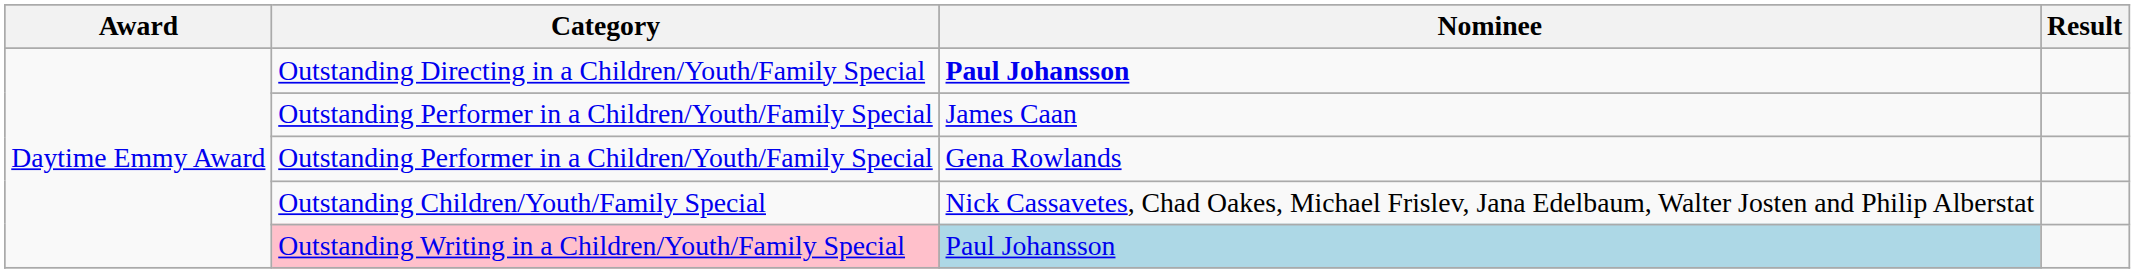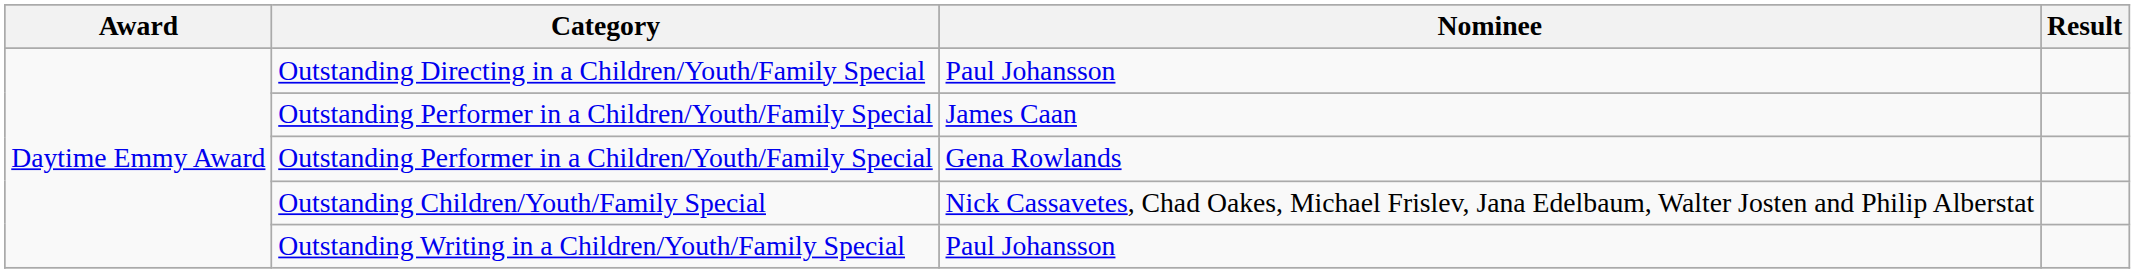 <table class="wikitable">
 <tr>
 <th>Award</th>
 <th>Category</th>
 <th>Nominee</th>
 <th>Result</th>
 </tr>
 <tr>
 <td rowspan=5><a href='#'>Daytime Emmy Award</a></td>
 <td><a href='#'>Outstanding Directing in a Children/Youth/Family Special</a></td>
-<td><strong><a href='#'>Paul Johansson</a></strong></td>
+<td><a href='#'>Paul Johansson</a></td>
 <td></td>
 </tr>
 <tr>
 <td><a href='#'>Outstanding Performer in a Children/Youth/Family Special</a></td>
 <td><a href='#'>James Caan</a></td>
 <td></td>
 </tr>
 <tr>
 <td><a href='#'>Outstanding Performer in a Children/Youth/Family Special</a></td>
 <td><a href='#'>Gena Rowlands</a></td>
 <td></td>
 </tr>
 <tr>
 <td><a href='#'>Outstanding Children/Youth/Family Special</a></td>
 <td><a href='#'>Nick Cassavetes</a>, Chad Oakes, Michael Frislev, Jana Edelbaum, Walter Josten and Philip Alberstat</td>
 <td></td>
 </tr>
 <tr>
-<td style="background: pink;"><a href='#'>Outstanding Writing in a Children/Youth/Family Special</a></td>
-<td style="background: lightblue;"><a href='#'>Paul Johansson</a></td>
+<td><a href='#'>Outstanding Writing in a Children/Youth/Family Special</a></td>
+<td><a href='#'>Paul Johansson</a></td>
 <td></td>
 </tr>
 </table>
